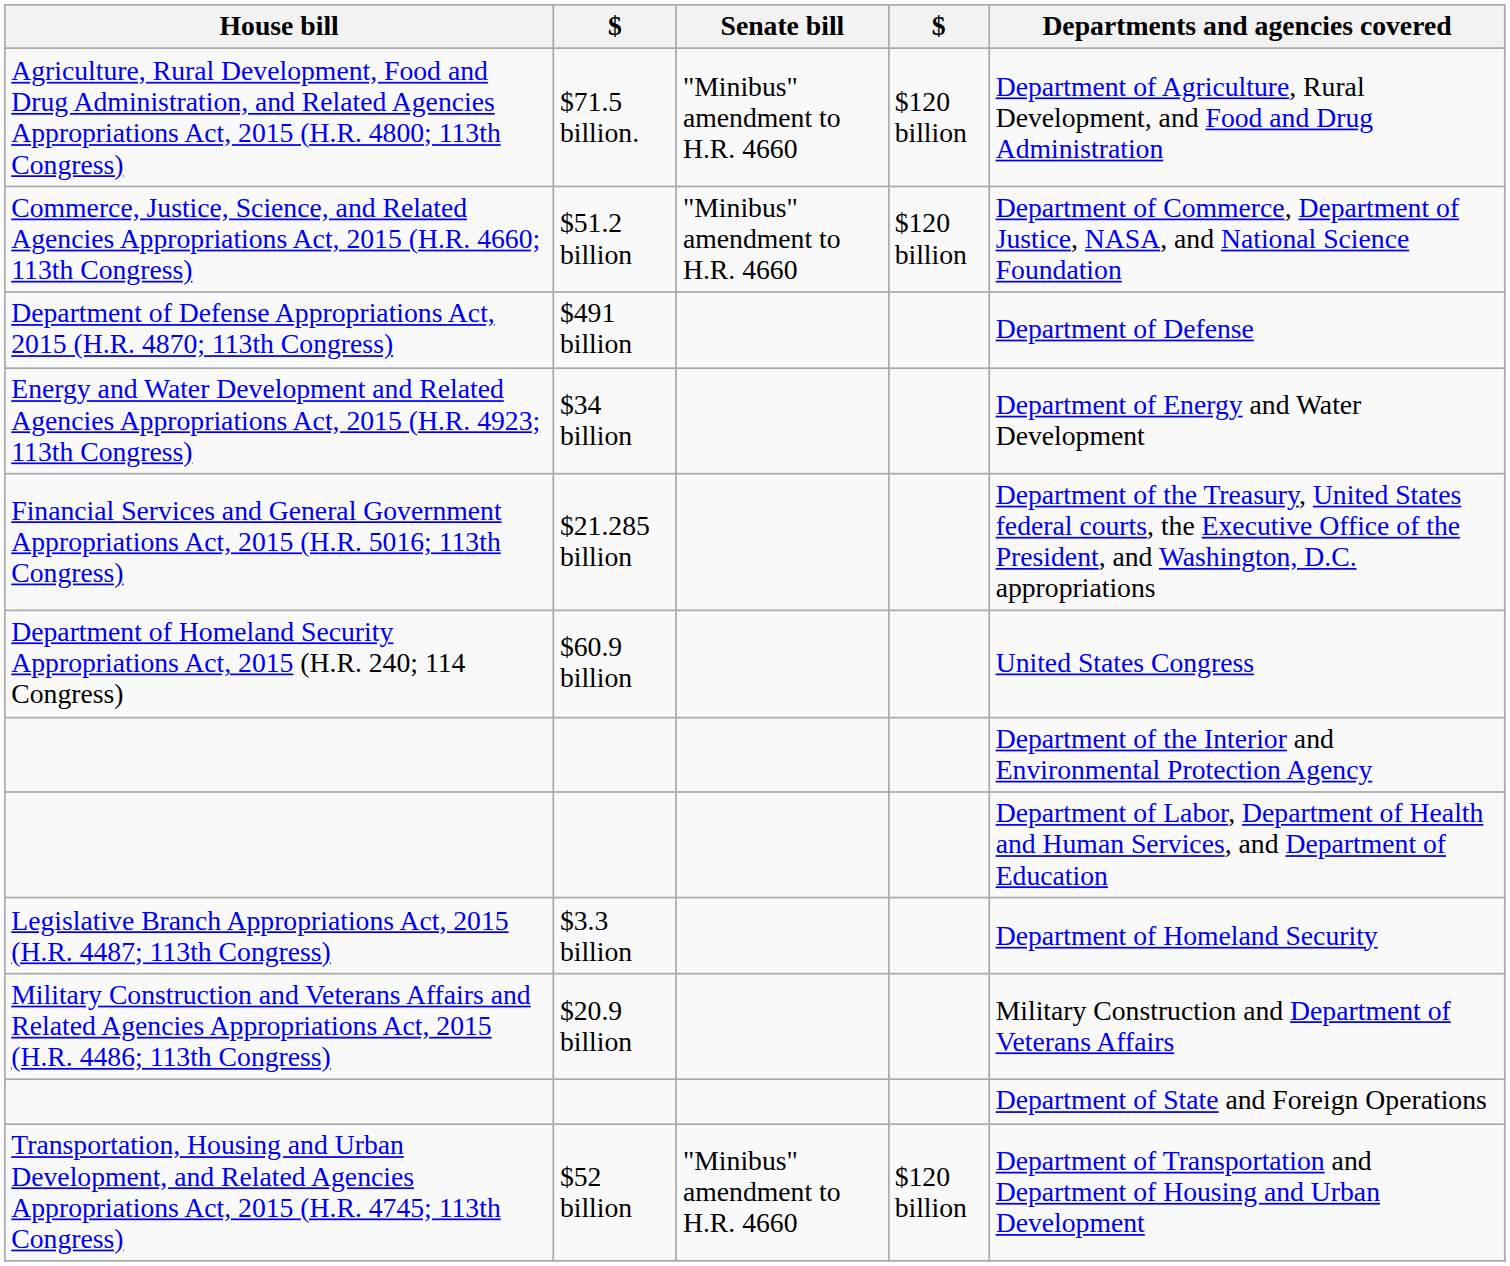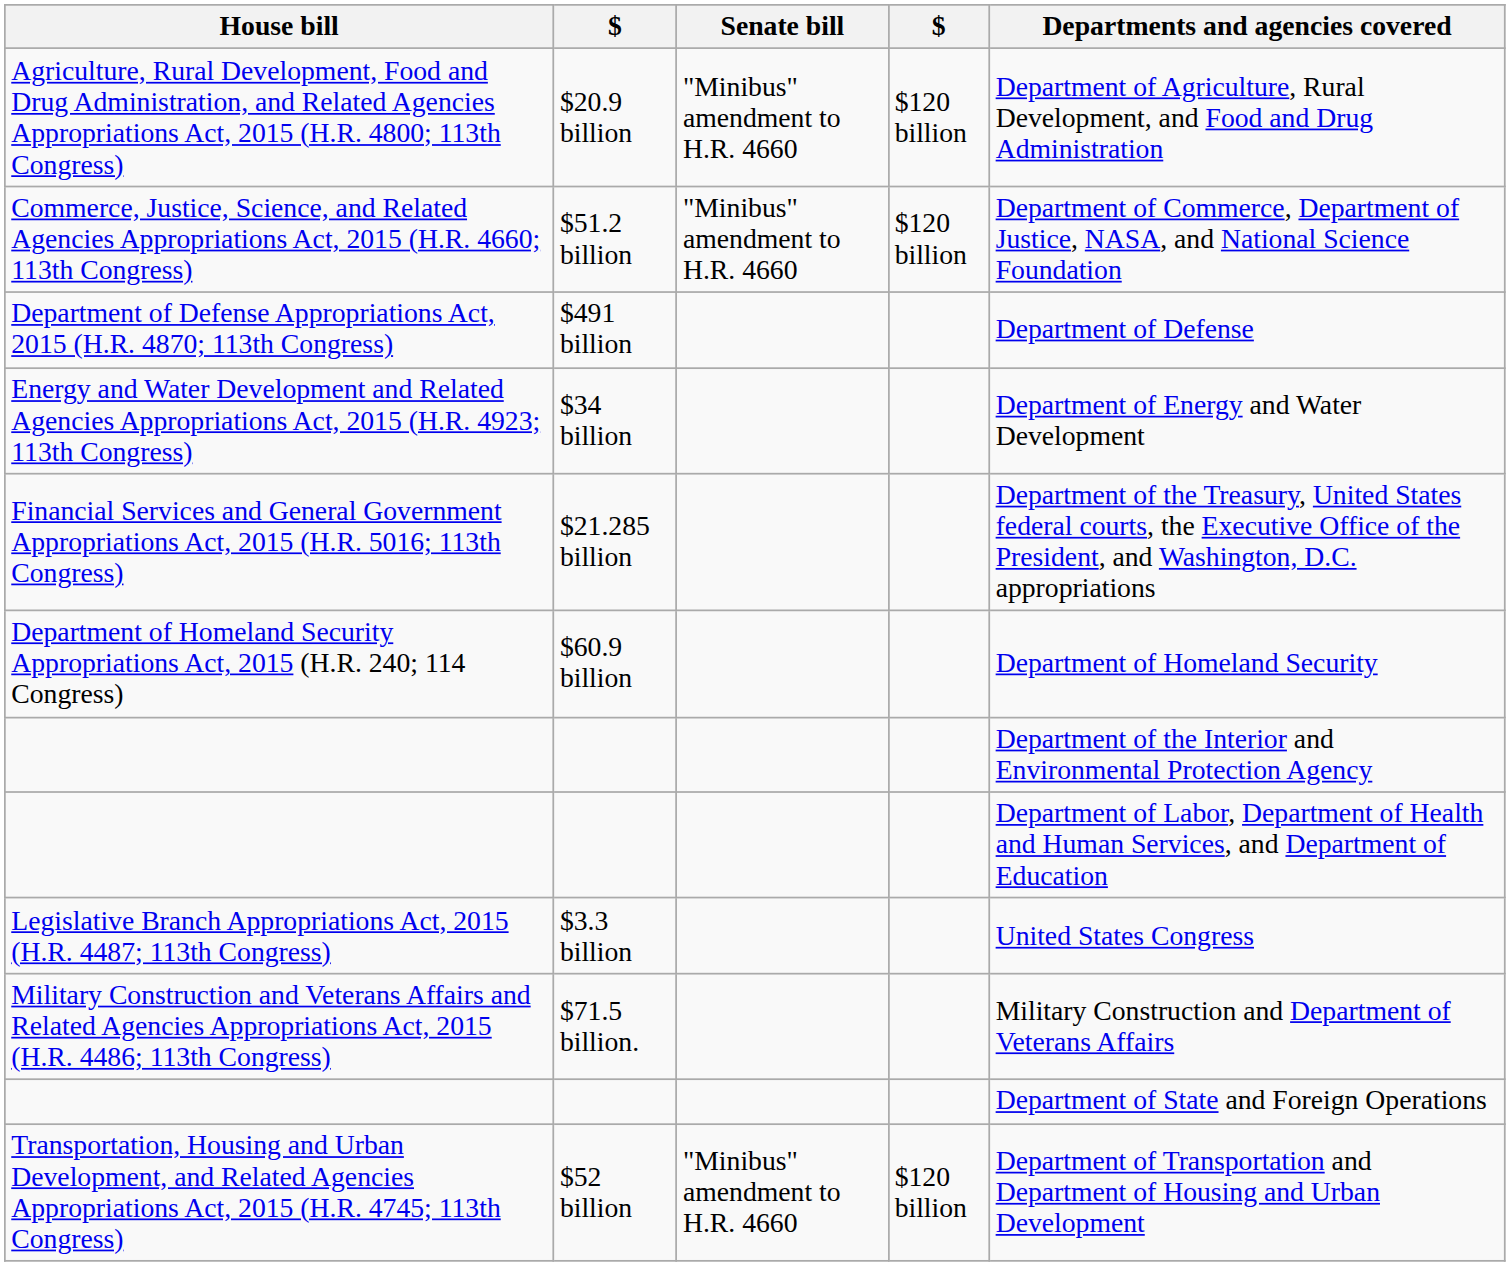 <table class=wikitable>
 <tr valign=bottom>
 <th>House bill</th>
 <th>$</th>
 <th>Senate bill</th>
 <th>$</th>
 <th>Departments and agencies covered</th>
 </tr>
 <tr>
 <td><a href='#'>Agriculture, Rural Development, Food and Drug Administration, and Related Agencies Appropriations Act, 2015 (H.R. 4800; 113th Congress)</a></td>
-<td>$71.5 billion.</td>
+<td>$20.9 billion</td>
 <td>"Minibus" amendment to H.R. 4660</td>
 <td>$120 billion</td>
 <td><a href='#'>Department of Agriculture</a>, Rural Development, and <a href='#'>Food and Drug Administration</a></td>
 </tr>
 <tr>
 <td><a href='#'>Commerce, Justice, Science, and Related Agencies Appropriations Act, 2015 (H.R. 4660; 113th Congress)</a></td>
 <td>$51.2 billion</td>
 <td>"Minibus" amendment to H.R. 4660</td>
 <td>$120 billion</td>
 <td><a href='#'>Department of Commerce</a>, <a href='#'>Department of Justice</a>, <a href='#'>NASA</a>, and <a href='#'>National Science Foundation</a></td>
 </tr>
 <tr>
 <td><a href='#'>Department of Defense Appropriations Act, 2015 (H.R. 4870; 113th Congress)</a></td>
 <td>$491 billion</td>
 <td></td>
 <td></td>
 <td><a href='#'>Department of Defense</a></td>
 </tr>
 <tr>
 <td><a href='#'>Energy and Water Development and Related Agencies Appropriations Act, 2015 (H.R. 4923; 113th Congress)</a></td>
 <td>$34 billion</td>
 <td></td>
 <td></td>
 <td><a href='#'>Department of Energy</a> and Water Development</td>
 </tr>
 <tr>
 <td><a href='#'>Financial Services and General Government Appropriations Act, 2015 (H.R. 5016; 113th Congress)</a></td>
 <td>$21.285 billion</td>
 <td></td>
 <td></td>
 <td><a href='#'>Department of the Treasury</a>, <a href='#'>United States federal courts</a>, the <a href='#'>Executive Office of the President</a>, and <a href='#'>Washington, D.C.</a> appropriations</td>
 </tr>
 <tr>
 <td><a href='#'>Department of Homeland Security Appropriations Act, 2015</a> (H.R. 240; 114 Congress)</td>
 <td>$60.9 billion</td>
 <td></td>
 <td></td>
-<td><a href='#'>United States Congress</a></td>
+<td><a href='#'>Department of Homeland Security</a></td>
 </tr>
 <tr>
 <td></td>
 <td></td>
 <td></td>
 <td></td>
 <td><a href='#'>Department of the Interior</a> and <a href='#'>Environmental Protection Agency</a></td>
 </tr>
 <tr>
 <td></td>
 <td></td>
 <td></td>
 <td></td>
 <td><a href='#'>Department of Labor</a>, <a href='#'>Department of Health and Human Services</a>, and <a href='#'>Department of Education</a></td>
 </tr>
 <tr>
 <td><a href='#'>Legislative Branch Appropriations Act, 2015 (H.R. 4487; 113th Congress)</a></td>
 <td>$3.3 billion</td>
 <td></td>
 <td></td>
-<td><a href='#'>Department of Homeland Security</a></td>
+<td><a href='#'>United States Congress</a></td>
 </tr>
 <tr>
 <td><a href='#'>Military Construction and Veterans Affairs and Related Agencies Appropriations Act, 2015 (H.R. 4486; 113th Congress)</a></td>
-<td>$20.9 billion</td>
+<td>$71.5 billion.</td>
 <td></td>
 <td></td>
 <td>Military Construction and <a href='#'>Department of Veterans Affairs</a></td>
 </tr>
 <tr>
 <td></td>
 <td></td>
 <td></td>
 <td></td>
 <td><a href='#'>Department of State</a> and Foreign Operations</td>
 </tr>
 <tr>
 <td><a href='#'>Transportation, Housing and Urban Development, and Related Agencies Appropriations Act, 2015 (H.R. 4745; 113th Congress)</a></td>
 <td>$52 billion</td>
 <td>"Minibus" amendment to H.R. 4660</td>
 <td>$120 billion</td>
 <td><a href='#'>Department of Transportation</a> and <a href='#'>Department of Housing and Urban Development</a></td>
 </tr>
 </table>
